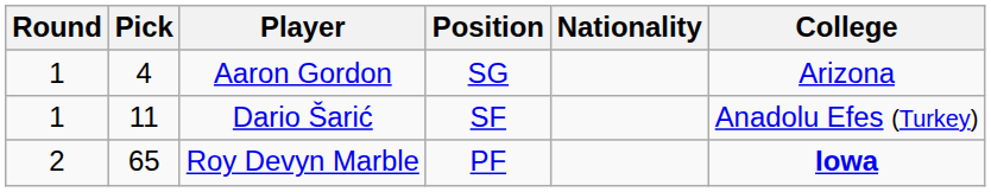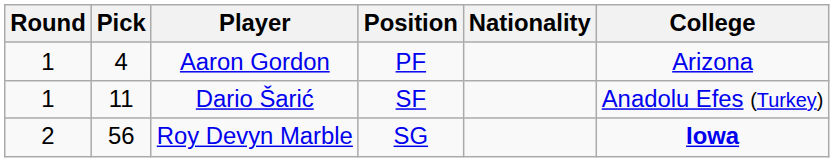 <table class="wikitable sortable sortable">
 <tr>
 <th>Round</th>
 <th>Pick</th>
 <th>Player</th>
 <th>Position</th>
 <th>Nationality</th>
 <th>College</th>
 </tr>
 <tr style="text-align: center">
 <td>1</td>
 <td>4</td>
 <td><a href='#'>Aaron Gordon</a></td>
-<td><a href='#'>SG</a></td>
+<td><a href='#'>PF</a></td>
 <td></td>
 <td><a href='#'>Arizona</a></td>
 </tr>
 <tr style="text-align: center">
 <td>1</td>
 <td>11</td>
 <td><a href='#'>Dario Šarić</a></td>
 <td><a href='#'>SF</a></td>
 <td></td>
 <td><a href='#'>Anadolu Efes</a> <small>(<a href='#'>Turkey</a>)</small></td>
 </tr>
 <tr style="text-align: center">
 <td>2</td>
-<td>65</td>
+<td>56</td>
 <td><a href='#'>Roy Devyn Marble</a></td>
-<td><a href='#'>PF</a></td>
+<td><a href='#'>SG</a></td>
 <td></td>
 <td><strong><a href='#'>Iowa</a></strong></td>
 </tr>
 </table>
